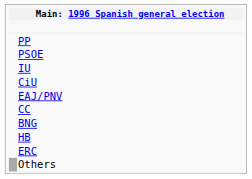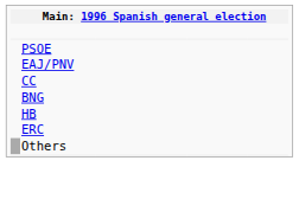 <table class="infobox vcard" style="width:23.0em; padding:0.3em; padding-bottom:0em;" cellspacing=0>
 <tr>
 <td style="background:#F2F2F2; vertical-align:middle; padding:0.4em;" width="30px"></td>
 <th colspan="4" style="text-align:center; background:#F2F2F2; font-size:0.85em; width:100%; vertical-align:middle;">Main: <a href='#'>1996 Spanish general election</a></th>
 </tr>
 <tr>
 <td colspan="5" style="text-align:center; font-size:0.85em; padding:0.5em 0em;">  </td>
 </tr>
 <tr>
 <td colspan="5"></td>
 </tr>
 <tr>
 <td colspan="5"></td>
 </tr>
 <tr>
 <th colspan="2" width="85px" style="background:#F2F2F2;"></th>
 <th width="70px" style="background:#F2F2F2;"></th>
 <th width="45px" style="background:#F2F2F2;"></th>
 <th width="30px" style="background:#F2F2F2;"></th>
 </tr>
 <tr>
 <td style="background:"></td>
-<td><a href='#'>PP</a></td>
-<td></td>
-<td></td>
-<td></td>
-</tr>
-<tr>
-<td style="background:"></td>
 <td><a href='#'>PSOE</a></td>
-<td></td>
-<td></td>
-<td></td>
-</tr>
-<tr>
-<td style="background:"></td>
-<td><a href='#'>IU</a></td>
-<td></td>
-<td></td>
-<td></td>
-</tr>
-<tr>
-<td style="background:"></td>
-<td><a href='#'>CiU</a></td>
 <td></td>
 <td></td>
 <td></td>
 </tr>
 <tr>
 <td style="background:"></td>
 <td><a href='#'>EAJ/PNV</a></td>
 <td></td>
 <td></td>
 <td></td>
 </tr>
 <tr>
 <td style="background:"></td>
 <td><a href='#'>CC</a></td>
 <td></td>
 <td></td>
 <td></td>
 </tr>
 <tr>
 <td style="background:"></td>
 <td><a href='#'>BNG</a></td>
 <td></td>
 <td></td>
 <td></td>
 </tr>
 <tr>
 <td style="background:"></td>
 <td><a href='#'>HB</a></td>
 <td></td>
 <td></td>
 <td></td>
 </tr>
 <tr>
 <td style="background:"></td>
 <td><a href='#'>ERC</a></td>
 <td></td>
 <td></td>
 <td></td>
 </tr>
 <tr>
 <td style="background:#AAAAAA;"></td>
 <td>Others</td>
 <td></td>
 <td></td>
 <td></td>
 </tr>
 <tr>
 <th colspan="2" style="background:#F2F2F2;"></th>
 <th style="background:#F2F2F2;"></th>
 <th style="background:#F2F2F2;"></th>
 <th style="background:#F2F2F2;"></th>
 </tr>
 </table>
